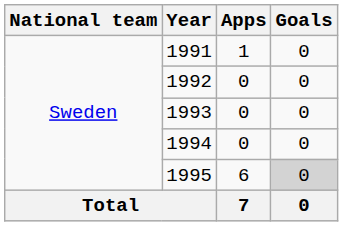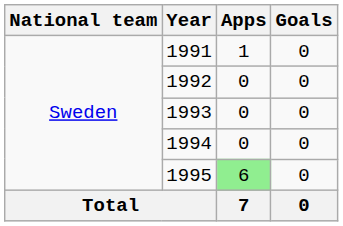 <table class="wikitable" style="text-align:center">
 <tr>
 <th>National team</th>
 <th>Year</th>
 <th>Apps</th>
 <th>Goals</th>
 </tr>
 <tr>
 <td rowspan="5"><a href='#'>Sweden</a></td>
 <td>1991</td>
 <td>1</td>
 <td>0</td>
 </tr>
 <tr>
 <td>1992</td>
 <td>0</td>
 <td>0</td>
 </tr>
 <tr>
 <td>1993</td>
 <td>0</td>
 <td>0</td>
 </tr>
 <tr>
 <td>1994</td>
 <td>0</td>
 <td>0</td>
 </tr>
 <tr>
 <td>1995</td>
-<td>6</td>
-<td style="background: lightgrey;">0</td>
+<td style="background: lightgreen;">6</td>
+<td>0</td>
 </tr>
 <tr>
 <th colspan="2">Total</th>
 <th>7</th>
 <th>0</th>
 </tr>
 </table>
